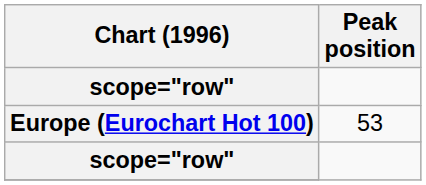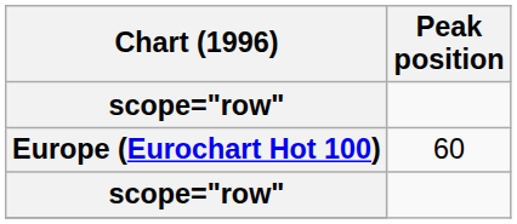 <table class="wikitable sortable plainrowheaders">
 <tr>
 <th>Chart (1996)</th>
 <th>Peak <br>position</th>
 </tr>
 <tr>
 <th>scope="row"</th>
 </tr>
 <tr>
 <th scope="row">Europe (<a href='#'>Eurochart Hot 100</a>)</th>
-<td align="center">53</td>
+<td align="center">60</td>
 </tr>
 <tr>
 <th>scope="row"</th>
 </tr>
 <tr>
 </tr>
 </table>
